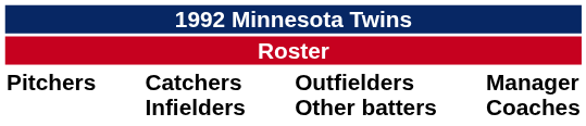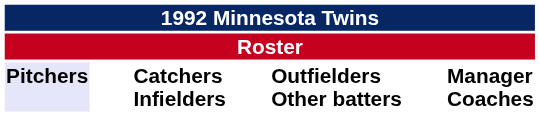 <table class="toccolours" style="font-size: 95%;">
 <tr>
 <th colspan="10" style="background-color: #072764; color: #FFFFFF; text-align: center;">1992 Minnesota Twins</th>
 </tr>
 <tr>
 <td colspan="10" style="background-color: #c6011f; color: white; text-align: center;"><strong>Roster</strong></td>
 </tr>
 <tr>
-<td valign="top"><strong>Pitchers</strong><br>                </td>
+<td valign="top" style="background: lavender;"><strong>Pitchers</strong><br>                </td>
 <td width="25px"></td>
 <td valign="top"><strong>Catchers</strong><br>   <strong>Infielders</strong>          </td>
 <td width="25px"></td>
 <td valign="top"><strong>Outfielders</strong><br>        <strong>Other batters</strong> </td>
 <td width="25px"></td>
 <td valign="top"><strong>Manager</strong><br> <strong>Coaches</strong>     </td>
 </tr>
 <tr>
 </tr>
 </table>
